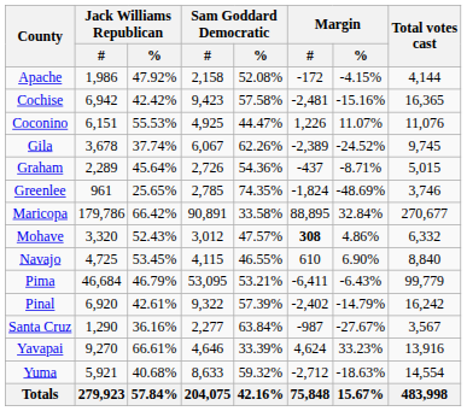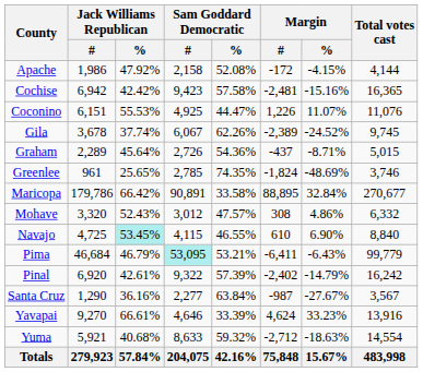 <table class="wikitable sortable" style="text-align:center">
 <tr>
 <th rowspan="2">County</th>
 <th style="text-align:center;" colspan="2">Jack Williams<br>Republican</th>
 <th style="text-align:center;" colspan="2">Sam Goddard<br>Democratic</th>
 <th style="text-align:center;" colspan="2">Margin</th>
 <th style="text-align:center;" rowspan="2">Total votes<br>cast</th>
 </tr>
 <tr>
 <th style="text-align:center;" data-sort-type="number">#</th>
 <th style="text-align:center;" data-sort-type="number">%</th>
 <th style="text-align:center;" data-sort-type="number">#</th>
 <th style="text-align:center;" data-sort-type="number">%</th>
 <th style="text-align:center;" data-sort-type="number">#</th>
 <th style="text-align:center;" data-sort-type="number">%</th>
 </tr>
 <tr style="text-align:center;">
 <td><a href='#'>Apache</a></td>
 <td>1,986</td>
 <td>47.92%</td>
 <td>2,158</td>
 <td>52.08%</td>
 <td>-172</td>
 <td>-4.15%</td>
 <td>4,144</td>
 </tr>
 <tr style="text-align:center;">
 <td><a href='#'>Cochise</a></td>
 <td>6,942</td>
 <td>42.42%</td>
 <td>9,423</td>
 <td>57.58%</td>
 <td>-2,481</td>
 <td>-15.16%</td>
 <td>16,365</td>
 </tr>
 <tr style="text-align:center;">
 <td><a href='#'>Coconino</a></td>
 <td>6,151</td>
 <td>55.53%</td>
 <td>4,925</td>
 <td>44.47%</td>
 <td>1,226</td>
 <td>11.07%</td>
 <td>11,076</td>
 </tr>
 <tr style="text-align:center;">
 <td><a href='#'>Gila</a></td>
 <td>3,678</td>
 <td>37.74%</td>
 <td>6,067</td>
 <td>62.26%</td>
 <td>-2,389</td>
 <td>-24.52%</td>
 <td>9,745</td>
 </tr>
 <tr style="text-align:center;">
 <td><a href='#'>Graham</a></td>
 <td>2,289</td>
 <td>45.64%</td>
 <td>2,726</td>
 <td>54.36%</td>
 <td>-437</td>
 <td>-8.71%</td>
 <td>5,015</td>
 </tr>
 <tr style="text-align:center;">
 <td><a href='#'>Greenlee</a></td>
 <td>961</td>
 <td>25.65%</td>
 <td>2,785</td>
 <td>74.35%</td>
 <td>-1,824</td>
 <td>-48.69%</td>
 <td>3,746</td>
 </tr>
 <tr style="text-align:center;">
 <td><a href='#'>Maricopa</a></td>
 <td>179,786</td>
 <td>66.42%</td>
 <td>90,891</td>
 <td>33.58%</td>
 <td>88,895</td>
 <td>32.84%</td>
 <td>270,677</td>
 </tr>
 <tr style="text-align:center;">
 <td><a href='#'>Mohave</a></td>
 <td>3,320</td>
 <td>52.43%</td>
 <td>3,012</td>
 <td>47.57%</td>
-<td><strong>308</strong></td>
+<td>308</td>
 <td>4.86%</td>
 <td>6,332</td>
 </tr>
 <tr style="text-align:center;">
 <td><a href='#'>Navajo</a></td>
 <td>4,725</td>
-<td>53.45%</td>
+<td style="background: paleturquoise;">53.45%</td>
 <td>4,115</td>
 <td>46.55%</td>
 <td>610</td>
 <td>6.90%</td>
 <td>8,840</td>
 </tr>
 <tr style="text-align:center;">
 <td><a href='#'>Pima</a></td>
 <td>46,684</td>
 <td>46.79%</td>
-<td>53,095</td>
+<td style="background: paleturquoise;">53,095</td>
 <td>53.21%</td>
 <td>-6,411</td>
 <td>-6.43%</td>
 <td>99,779</td>
 </tr>
 <tr style="text-align:center;">
 <td><a href='#'>Pinal</a></td>
 <td>6,920</td>
 <td>42.61%</td>
 <td>9,322</td>
 <td>57.39%</td>
 <td>-2,402</td>
 <td>-14.79%</td>
 <td>16,242</td>
 </tr>
 <tr style="text-align:center;">
 <td><a href='#'>Santa Cruz</a></td>
 <td>1,290</td>
 <td>36.16%</td>
 <td>2,277</td>
 <td>63.84%</td>
 <td>-987</td>
 <td>-27.67%</td>
 <td>3,567</td>
 </tr>
 <tr style="text-align:center;">
 <td><a href='#'>Yavapai</a></td>
 <td>9,270</td>
 <td>66.61%</td>
 <td>4,646</td>
 <td>33.39%</td>
 <td>4,624</td>
 <td>33.23%</td>
 <td>13,916</td>
 </tr>
 <tr style="text-align:center;">
 <td><a href='#'>Yuma</a></td>
 <td>5,921</td>
 <td>40.68%</td>
 <td>8,633</td>
 <td>59.32%</td>
 <td>-2,712</td>
 <td>-18.63%</td>
 <td>14,554</td>
 </tr>
 <tr style="text-align:center;">
 <th>Totals</th>
 <th>279,923</th>
 <th>57.84%</th>
 <th>204,075</th>
 <th>42.16%</th>
 <th>75,848</th>
 <th>15.67%</th>
 <th>483,998</th>
 </tr>
 </table>
